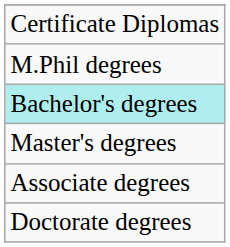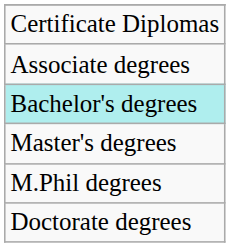 <table class="wikitable">
 <tr>
 </tr>
 <tr>
 <td>Certificate Diplomas</td>
 </tr>
 <tr>
-<td>M.Phil degrees</td>
+<td>Associate degrees</td>
 </tr>
 <tr>
 <td style="background: paleturquoise;">Bachelor's degrees</td>
 </tr>
 <tr>
 <td>Master's degrees</td>
 </tr>
 <tr>
-<td>Associate degrees</td>
+<td>M.Phil degrees</td>
 </tr>
 <tr>
 <td>Doctorate degrees</td>
 </tr>
 </table>
